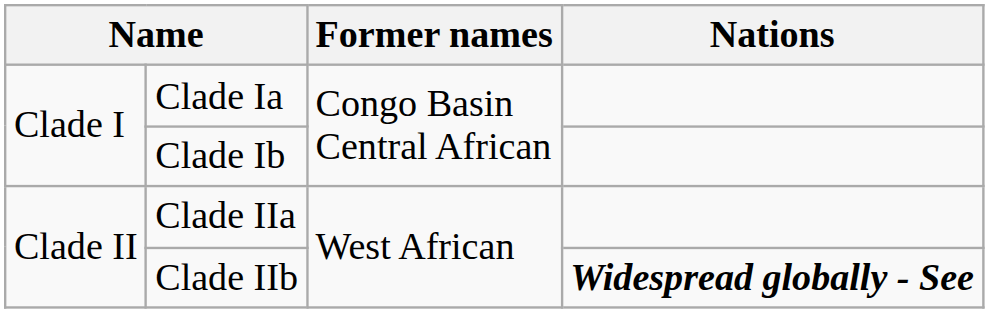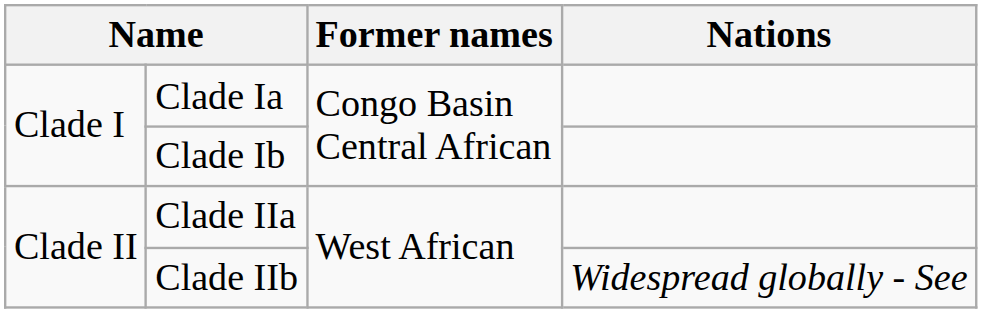 <table class="wikitable">
 <tr>
 <th colspan="2">Name</th>
 <th>Former names</th>
 <th>Nations</th>
 </tr>
 <tr>
 <td rowspan="2">Clade I</td>
 <td>Clade Ia</td>
 <td rowspan="2">Congo Basin<br>Central African</td>
 <td></td>
 </tr>
 <tr>
 <td>Clade Ib</td>
 <td></td>
 </tr>
 <tr>
 <td rowspan="2">Clade II</td>
 <td>Clade IIa</td>
 <td rowspan="2">West African</td>
 <td></td>
 </tr>
 <tr>
 <td>Clade IIb</td>
-<td><strong><em>Widespread globally - See </em></strong></td>
+<td><em>Widespread globally - See </em></td>
 </tr>
 </table>
